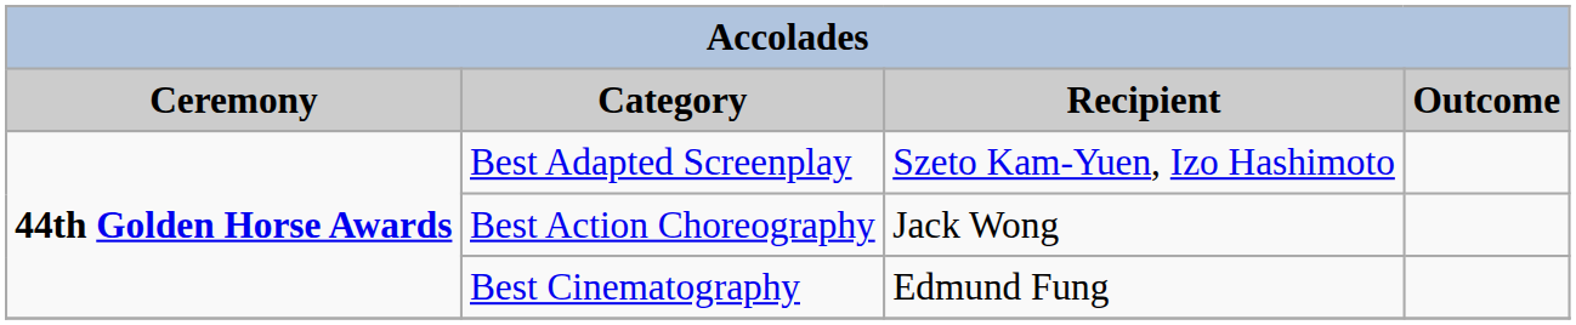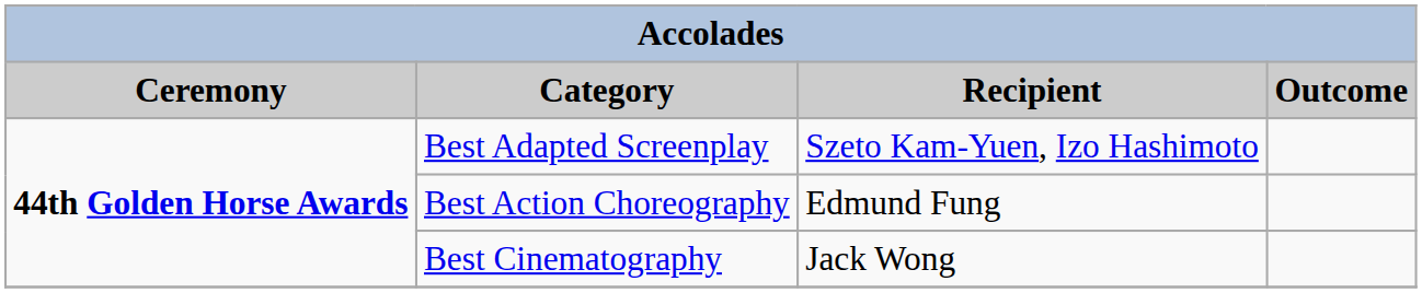 <table class="wikitable" style="font-size:95%;" ;>
 <tr style="background:#ccc; text-align:center;">
 <th colspan="4" style="background: LightSteelBlue;">Accolades</th>
 </tr>
 <tr style="background:#ccc; text-align:center;">
 <th style="background:#ccc">Ceremony</th>
 <th style="background:#ccc">Category</th>
 <th style="background:#ccc">Recipient</th>
 <th style="background:#ccc">Outcome</th>
 </tr>
 <tr>
 <td rowspan=3><strong>44th <a href='#'>Golden Horse Awards</a></strong></td>
 <td><a href='#'>Best Adapted Screenplay</a></td>
 <td><a href='#'>Szeto Kam-Yuen</a>, <a href='#'>Izo Hashimoto</a></td>
 <td></td>
 </tr>
 <tr>
 <td><a href='#'>Best Action Choreography</a></td>
-<td>Jack Wong</td>
+<td>Edmund Fung</td>
 <td></td>
 </tr>
 <tr>
 <td><a href='#'>Best Cinematography</a></td>
-<td>Edmund Fung</td>
+<td>Jack Wong</td>
 <td></td>
 </tr>
 <tr>
 </tr>
 </table>
